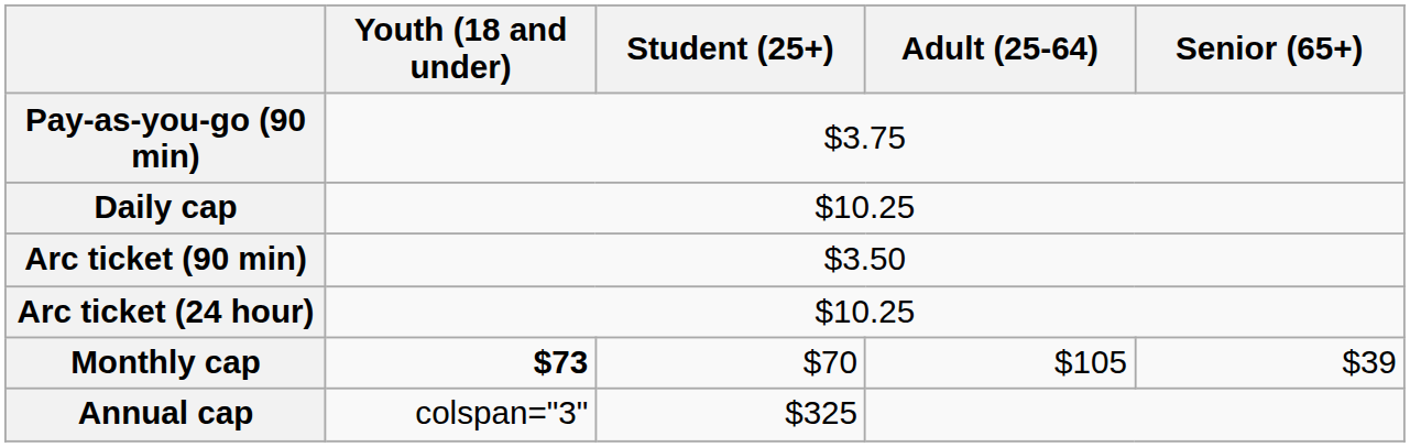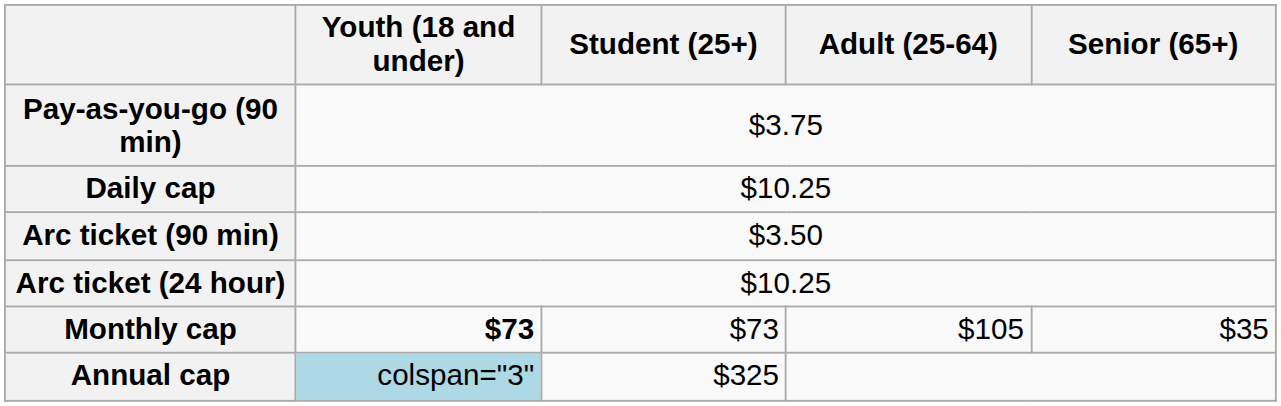 <table class="wikitable" style="text-align:right">
 <tr>
 <th style="width:150px;"></th>
 <th style="width:125px;">Youth (18 and under)</th>
 <th style="width:125px;">Student (25+)</th>
 <th style="width:125px;">Adult (25-64)</th>
 <th style="width:125px;">Senior (65+)</th>
 </tr>
 <tr>
 <th>Pay-as-you-go (90 min)</th>
 <td style="text-align: center;" colspan="4">$3.75</td>
 </tr>
 <tr>
 <th>Daily cap</th>
 <td style="text-align: center;" colspan="4">$10.25</td>
 </tr>
 <tr>
 <th>Arc ticket (90 min)</th>
 <td style="text-align: center;" colspan="4">$3.50</td>
 </tr>
 <tr>
 <th>Arc ticket (24 hour)</th>
 <td style="text-align: center;" colspan="4">$10.25</td>
 </tr>
 <tr>
 <th>Monthly cap</th>
 <td><strong>$73</strong></td>
-<td>$70</td>
+<td>$73</td>
 <td>$105</td>
-<td>$39</td>
+<td>$35</td>
 </tr>
 <tr>
 <th>Annual cap</th>
-<td>colspan="3" </td>
+<td style="background: lightblue;">colspan="3" </td>
 <td>$325</td>
 </tr>
 </table>
